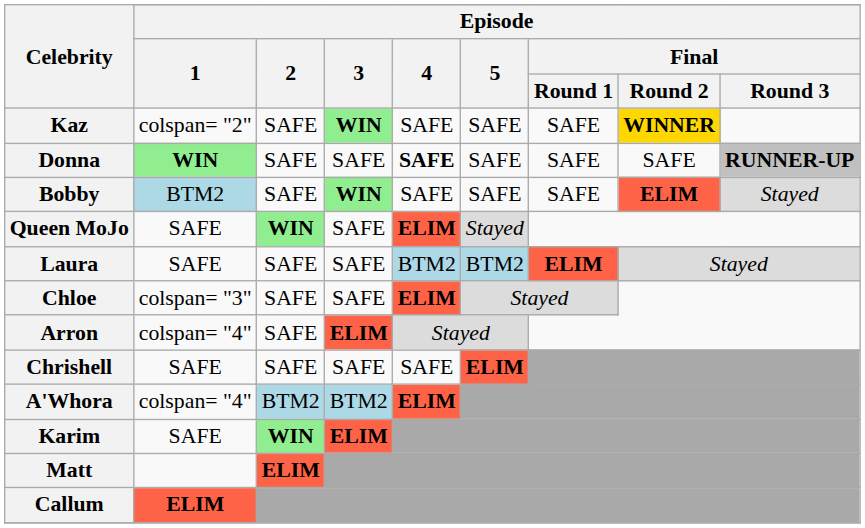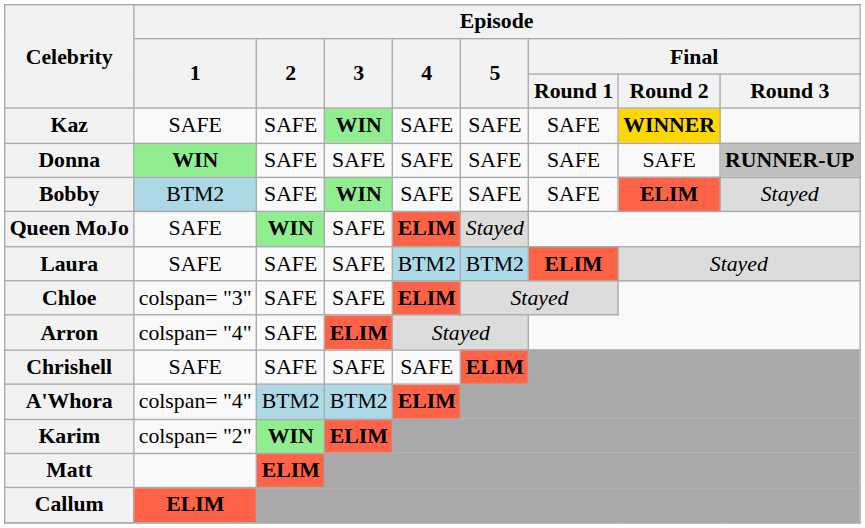 <table class="wikitable plainrowheaders" style="text-align:center">
 <tr>
 <th scope="col" rowspan="4">Celebrity</th>
 </tr>
 <tr>
 <th scope="col" colspan="10">Episode</th>
 </tr>
 <tr>
 <th scope="col" rowspan="2">1</th>
 <th scope="col" rowspan="2">2</th>
 <th scope="col" rowspan="2">3</th>
 <th scope="col" rowspan="2">4</th>
 <th scope="col" rowspan="2">5</th>
 <th scope="col" colspan="4">Final</th>
 </tr>
 <tr>
 <th scope="col">Round 1</th>
 <th scope="col">Round 2</th>
 <th scope="col">Round 3</th>
 </tr>
 <tr>
 <th>Kaz</th>
-<td>colspan= "2" </td>
+<td>SAFE</td>
 <td>SAFE</td>
 <td style="background:lightgreen;"><strong>WIN</strong></td>
 <td>SAFE</td>
 <td>SAFE</td>
 <td>SAFE</td>
 <td style="background:gold;"><strong>WINNER</strong></td>
 </tr>
 <tr>
 <th>Donna</th>
 <td style="background:lightgreen;"><strong>WIN</strong></td>
 <td>SAFE</td>
 <td>SAFE</td>
-<td><strong>SAFE</strong></td>
+<td>SAFE</td>
 <td>SAFE</td>
 <td>SAFE</td>
 <td>SAFE</td>
 <td style="background:silver;"><strong>RUNNER-UP</strong></td>
 </tr>
 <tr>
 <th>Bobby</th>
 <td style="background:lightblue;">BTM2</td>
 <td>SAFE</td>
 <td style="background:lightgreen;"><strong>WIN</strong></td>
 <td>SAFE</td>
 <td>SAFE</td>
 <td>SAFE</td>
 <td style="background:tomato;"><strong>ELIM</strong></td>
 <td bgcolor="gainsboro"><em>Stayed</em></td>
 </tr>
 <tr>
 <th>Queen MoJo</th>
 <td>SAFE</td>
 <td style="background:lightgreen;"><strong>WIN</strong></td>
 <td>SAFE</td>
 <td style="background:tomato;"><strong>ELIM</strong></td>
 <td bgcolor="gainsboro"><em>Stayed</em></td>
 </tr>
 <tr>
 <th>Laura</th>
 <td>SAFE</td>
 <td>SAFE</td>
 <td>SAFE</td>
 <td style="background:lightblue;">BTM2</td>
 <td style="background:lightblue;">BTM2</td>
 <td style="background:tomato;"><strong>ELIM</strong></td>
 <td colspan= "2" bgcolor="gainsboro"><em>Stayed</em></td>
 </tr>
 <tr>
 <th>Chloe</th>
 <td>colspan= "3" </td>
 <td>SAFE</td>
 <td>SAFE</td>
 <td style="background:tomato;"><strong>ELIM</strong></td>
 <td colspan= "2" bgcolor="gainsboro"><em>Stayed</em></td>
 </tr>
 <tr>
 <th>Arron</th>
 <td>colspan= "4" </td>
 <td>SAFE</td>
 <td style="background:tomato;"><strong>ELIM</strong></td>
 <td colspan= "2" bgcolor="gainsboro"><em>Stayed</em></td>
 </tr>
 <tr>
 <th>Chrishell</th>
 <td>SAFE</td>
 <td>SAFE</td>
 <td>SAFE</td>
 <td>SAFE</td>
 <td style="background:tomato;"><strong>ELIM</strong></td>
 <td colspan="3" bgcolor="darkgray"></td>
 </tr>
 <tr>
 <th>A'Whora</th>
 <td>colspan= "4" </td>
 <td style="background:lightblue;">BTM2</td>
 <td style="background:lightblue;">BTM2</td>
 <td style="background:tomato;"><strong>ELIM</strong></td>
 <td colspan="4" bgcolor="darkgray"></td>
 </tr>
 <tr>
 <th>Karim</th>
-<td>SAFE</td>
+<td>colspan= "2" </td>
 <td style="background:lightgreen;"><strong>WIN</strong></td>
 <td style="background:tomato;"><strong>ELIM</strong></td>
 <td colspan="5" bgcolor="darkgray"></td>
 </tr>
 <tr>
 <th>Matt</th>
 <td></td>
 <td style="background:tomato;"><strong>ELIM</strong></td>
 <td colspan="6" bgcolor="darkgray"></td>
 </tr>
 <tr>
 <th>Callum</th>
 <td style="background:tomato;"><strong>ELIM</strong></td>
 <td colspan="7" bgcolor="darkgray"></td>
 </tr>
 <tr>
 </tr>
 </table>
